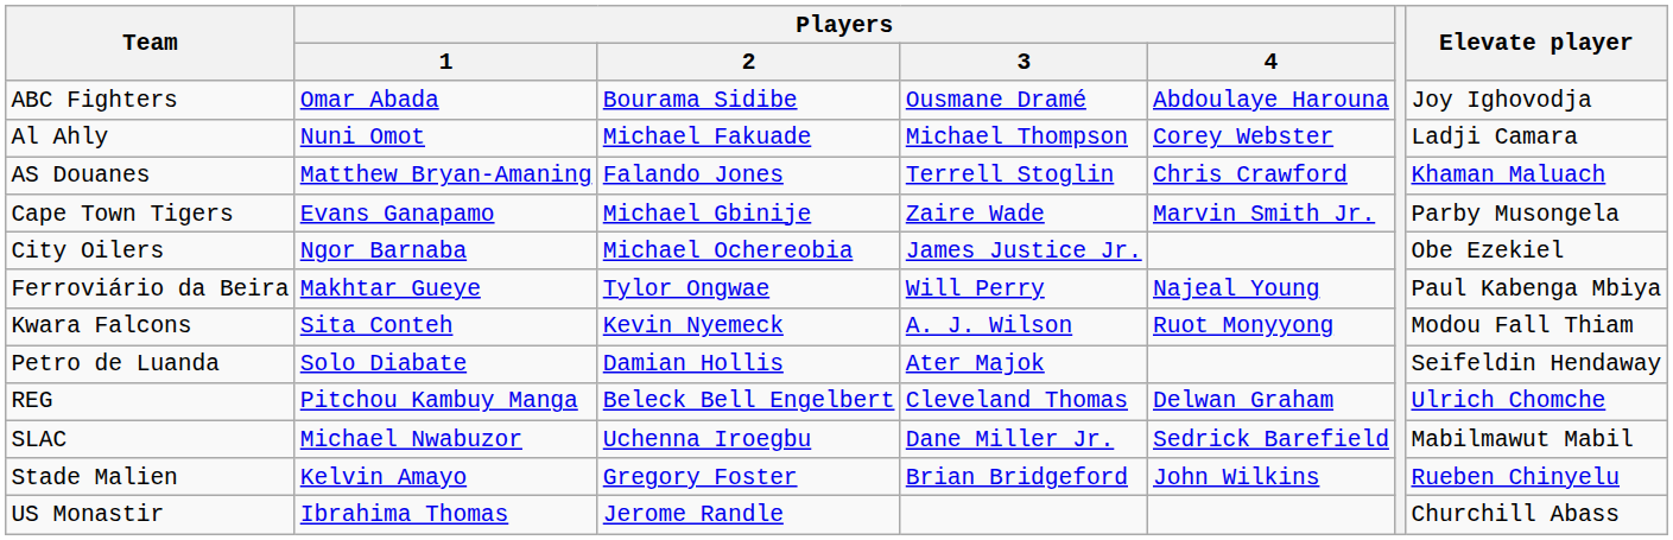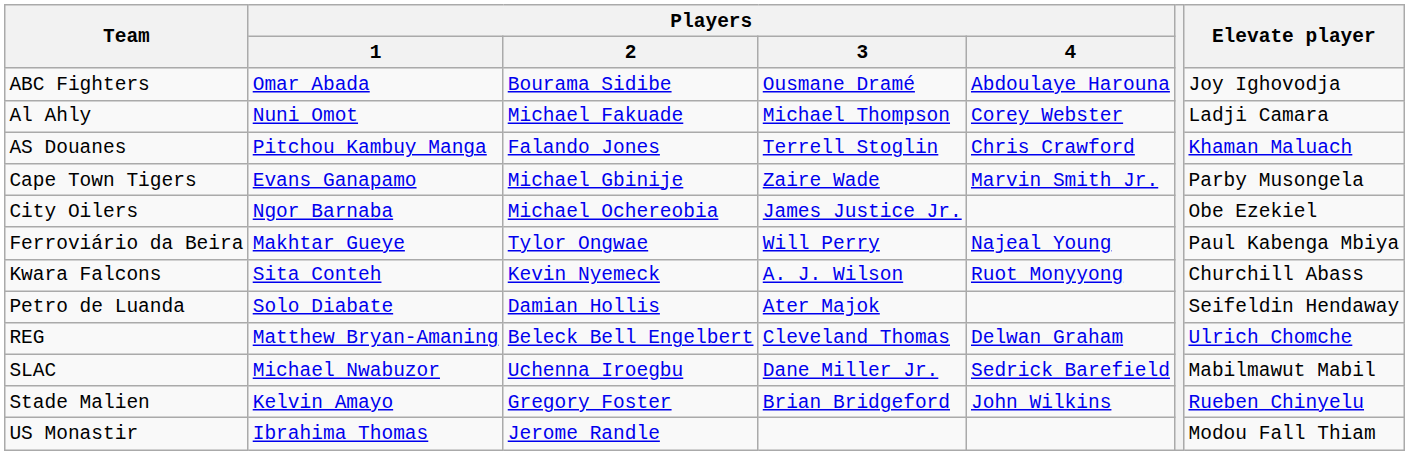 <table class="wikitable">
 <tr>
 <th rowspan="2">Team</th>
 <th colspan="4">Players</th>
 <th rowspan="14"></th>
 <th rowspan="2">Elevate player</th>
 </tr>
 <tr>
 <th>1</th>
 <th>2</th>
 <th>3</th>
 <th>4</th>
 </tr>
 <tr>
 <td>ABC Fighters</td>
 <td> <a href='#'>Omar Abada</a></td>
 <td> <a href='#'>Bourama Sidibe</a></td>
 <td> <a href='#'>Ousmane Dramé</a></td>
 <td> <a href='#'>Abdoulaye Harouna</a></td>
 <td> Joy Ighovodja</td>
 </tr>
 <tr>
 <td>Al Ahly</td>
 <td> <a href='#'>Nuni Omot</a></td>
 <td> <a href='#'>Michael Fakuade</a></td>
 <td> <a href='#'>Michael Thompson</a></td>
 <td> <a href='#'>Corey Webster</a></td>
 <td> Ladji Camara</td>
 </tr>
 <tr>
 <td>AS Douanes</td>
-<td> <a href='#'>Matthew Bryan-Amaning</a></td>
+<td> <a href='#'>Pitchou Kambuy Manga</a></td>
 <td> <a href='#'>Falando Jones</a></td>
 <td> <a href='#'>Terrell Stoglin</a></td>
 <td> <a href='#'>Chris Crawford</a></td>
 <td> <a href='#'>Khaman Maluach</a></td>
 </tr>
 <tr>
 <td>Cape Town Tigers</td>
 <td> <a href='#'>Evans Ganapamo</a></td>
 <td> <a href='#'>Michael Gbinije</a></td>
 <td> <a href='#'>Zaire Wade</a></td>
 <td> <a href='#'>Marvin Smith Jr.</a></td>
 <td> Parby Musongela</td>
 </tr>
 <tr>
 <td>City Oilers</td>
 <td> <a href='#'>Ngor Barnaba</a></td>
 <td> <a href='#'>Michael Ochereobia</a></td>
 <td> <a href='#'>James Justice Jr.</a></td>
 <td></td>
 <td> Obe Ezekiel</td>
 </tr>
 <tr>
 <td>Ferroviário da Beira</td>
 <td> <a href='#'>Makhtar Gueye</a></td>
 <td> <a href='#'>Tylor Ongwae</a></td>
 <td> <a href='#'>Will Perry</a></td>
 <td> <a href='#'>Najeal Young</a></td>
 <td> Paul Kabenga Mbiya</td>
 </tr>
 <tr>
 <td>Kwara Falcons</td>
 <td> <a href='#'>Sita Conteh</a></td>
 <td> <a href='#'>Kevin Nyemeck</a></td>
 <td> <a href='#'>A. J. Wilson</a></td>
 <td> <a href='#'>Ruot Monyyong</a></td>
-<td> Modou Fall Thiam</td>
+<td> Churchill Abass</td>
 </tr>
 <tr>
 <td>Petro de Luanda</td>
 <td> <a href='#'>Solo Diabate</a></td>
 <td> <a href='#'>Damian Hollis</a></td>
 <td> <a href='#'>Ater Majok</a></td>
 <td></td>
 <td> Seifeldin Hendaway</td>
 </tr>
 <tr>
 <td>REG</td>
-<td> <a href='#'>Pitchou Kambuy Manga</a></td>
+<td> <a href='#'>Matthew Bryan-Amaning</a></td>
 <td> <a href='#'>Beleck Bell Engelbert</a></td>
 <td> <a href='#'>Cleveland Thomas</a></td>
 <td> <a href='#'>Delwan Graham</a></td>
 <td> <a href='#'>Ulrich Chomche</a></td>
 </tr>
 <tr>
 <td>SLAC</td>
 <td> <a href='#'>Michael Nwabuzor</a></td>
 <td> <a href='#'>Uchenna Iroegbu</a></td>
 <td> <a href='#'>Dane Miller Jr.</a></td>
 <td> <a href='#'>Sedrick Barefield</a></td>
 <td> Mabilmawut Mabil</td>
 </tr>
 <tr>
 <td>Stade Malien</td>
 <td> <a href='#'>Kelvin Amayo</a></td>
 <td> <a href='#'>Gregory Foster</a></td>
 <td> <a href='#'>Brian Bridgeford</a></td>
 <td> <a href='#'>John Wilkins</a></td>
 <td> <a href='#'>Rueben Chinyelu</a></td>
 </tr>
 <tr>
 <td>US Monastir</td>
 <td> <a href='#'>Ibrahima Thomas</a></td>
 <td> <a href='#'>Jerome Randle</a></td>
 <td></td>
 <td></td>
-<td> Churchill Abass</td>
+<td> Modou Fall Thiam</td>
 </tr>
 </table>
